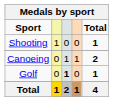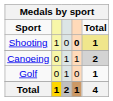 <table class=wikitable style="font-size:85%; float:right">
 <tr bgcolor=efefef>
 <th colspan=7><strong>Medals by sport</strong></th>
 </tr>
 <tr align=center>
 <td><strong>Sport</strong></td>
 <td bgcolor=f7f6a8></td>
 <td bgcolor=dce5e5></td>
 <td bgcolor=ffdab9></td>
 <td><strong>Total</strong></td>
 </tr>
 <tr align=center>
 <td><a href='#'>Shooting</a></td>
 <td style="background:#F7F6A8;">1</td>
 <td style="background:#DCE5E5;">0</td>
-<td style="background:#FFDAB9;">0</td>
-<td><strong>1</strong></td>
+<td style="background:#FFDAB9;"><strong>0</strong></td>
+<td style="background: khaki;"><strong>1</strong></td>
 </tr>
 <tr>
 </tr>
 <tr align=center>
 <td><a href='#'>Canoeing</a></td>
 <td style="background:#F7F6A8;">0</td>
 <td style="background:#DCE5E5;">1</td>
 <td style="background:#FFDAB9;">1</td>
-<td><strong>2</strong></td>
+<td style="background: lightgrey;"><strong>2</strong></td>
 </tr>
 <tr align=center>
 <td><a href='#'>Golf</a></td>
 <td style="background:#F7F6A8;">0</td>
-<td style="background:#DCE5E5;"><strong>1</strong></td>
+<td style="background:#DCE5E5;">1</td>
 <td style="background:#FFDAB9;">0</td>
 <td><strong>1</strong></td>
 </tr>
 <tr>
 </tr>
 <tr align=center>
 <th>Total</th>
 <th style="background:gold">1</th>
 <th style="background:silver">2</th>
 <th style="background:#c96">1</th>
 <th>4</th>
 </tr>
 </table>
